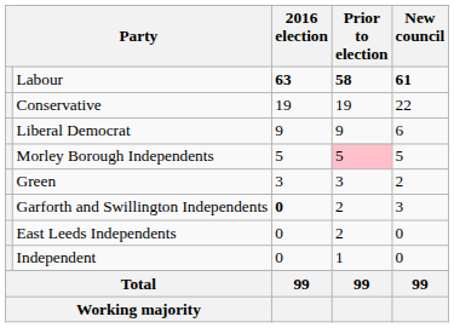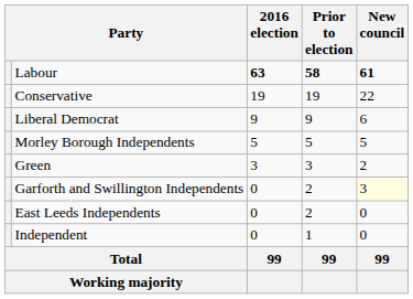 <table class="wikitable">
 <tr>
 <th colspan="2" style="width:230px;">Party</th>
 <th style="vertical-align:top; width:30px;">2016 election</th>
 <th style="vertical-align:top; width:30px;">Prior to election</th>
 <th style="vertical-align:top; width:30px;">New council</th>
 </tr>
 <tr>
 <th style="background-color: "></th>
 <td>Labour</td>
 <td><strong>63</strong></td>
 <td><strong>58</strong></td>
 <td><strong>61</strong></td>
 </tr>
 <tr>
 <th style="background-color: "></th>
 <td>Conservative</td>
 <td>19</td>
 <td>19</td>
 <td>22</td>
 </tr>
 <tr>
 <th style="background-color: "></th>
 <td>Liberal Democrat</td>
 <td>9</td>
 <td>9</td>
 <td>6</td>
 </tr>
 <tr>
 <th style="background-color: "></th>
 <td>Morley Borough Independents</td>
 <td>5</td>
-<td style="background: pink;">5</td>
+<td>5</td>
 <td>5</td>
 </tr>
 <tr>
 <th style="background-color: "></th>
 <td>Green</td>
 <td>3</td>
 <td>3</td>
 <td>2</td>
 </tr>
 <tr>
 <th style="background-color: "></th>
 <td>Garforth and Swillington Independents</td>
-<td><strong>0</strong></td>
+<td>0</td>
 <td>2</td>
-<td>3</td>
+<td style="background: lightyellow;">3</td>
 </tr>
 <tr>
 <th style="background-color: "></th>
 <td>East Leeds Independents</td>
 <td>0</td>
 <td>2</td>
 <td>0</td>
 </tr>
 <tr>
 <th style="background-color: "></th>
 <td>Independent</td>
 <td>0</td>
 <td>1</td>
 <td>0</td>
 </tr>
 <tr>
 <th colspan=2>Total</th>
 <th style="text-align: center">99</th>
 <th>99</th>
 <th>99</th>
 </tr>
 <tr>
 <th colspan=2>Working majority</th>
 <th></th>
 <th></th>
 <th></th>
 </tr>
 </table>
